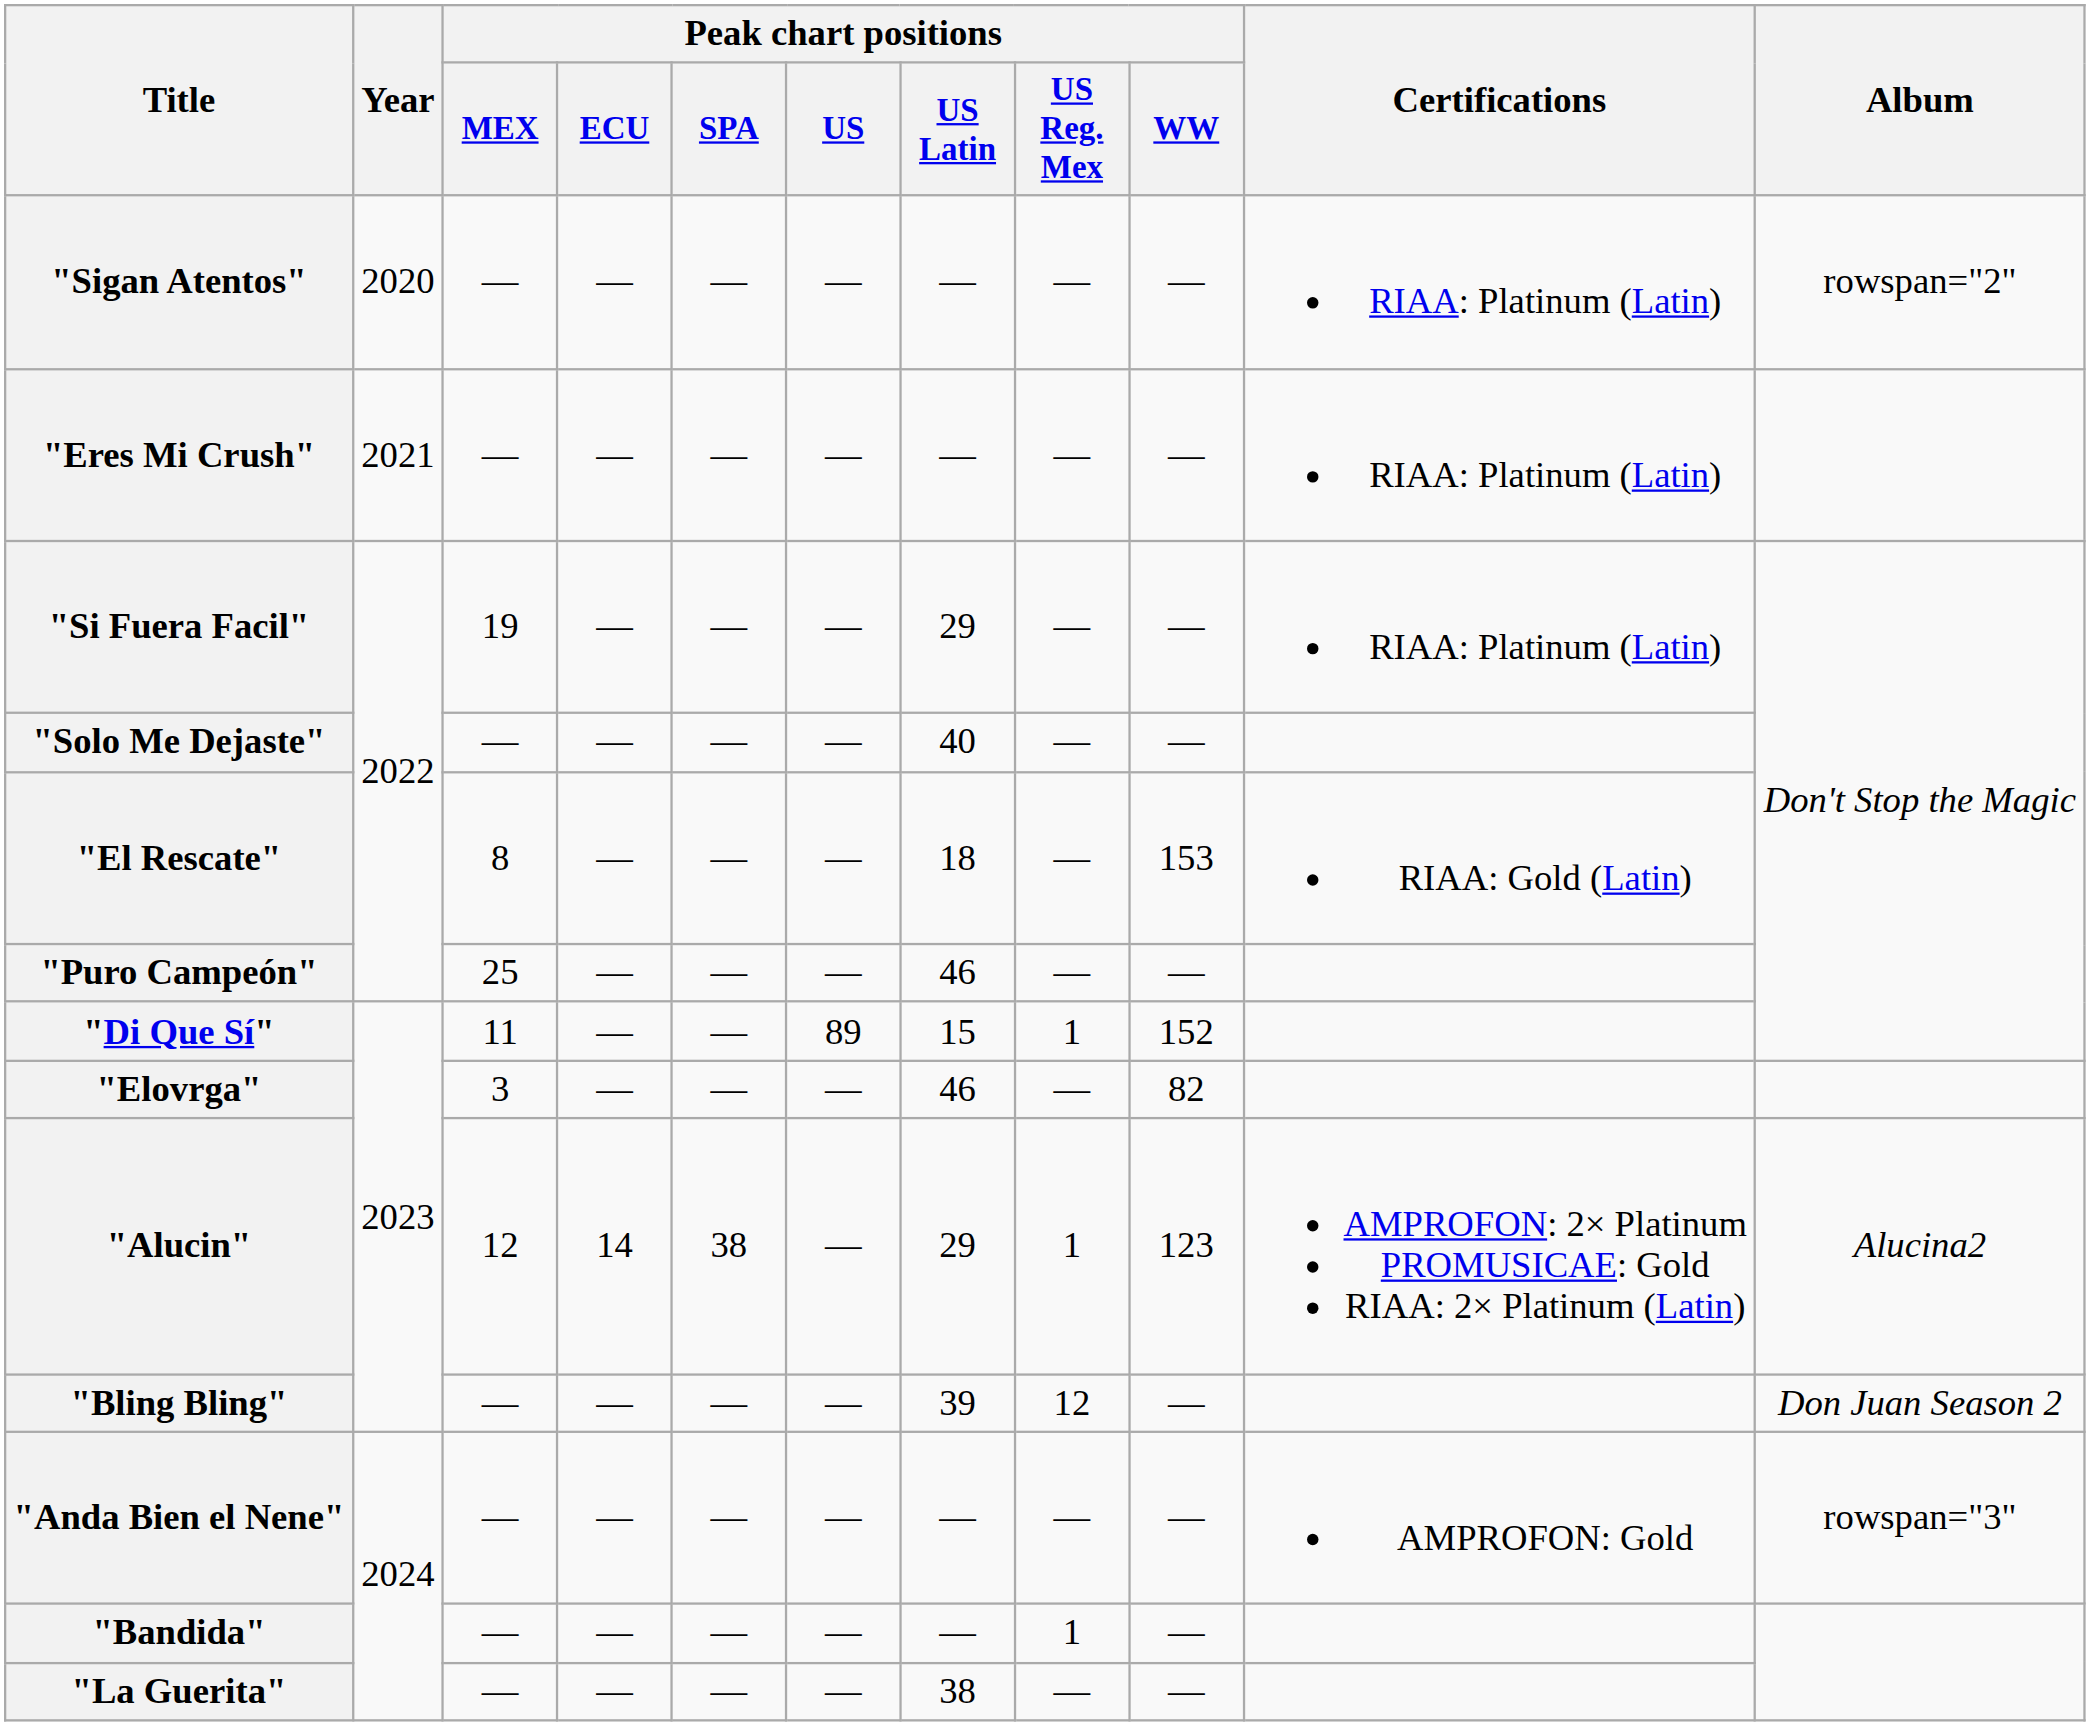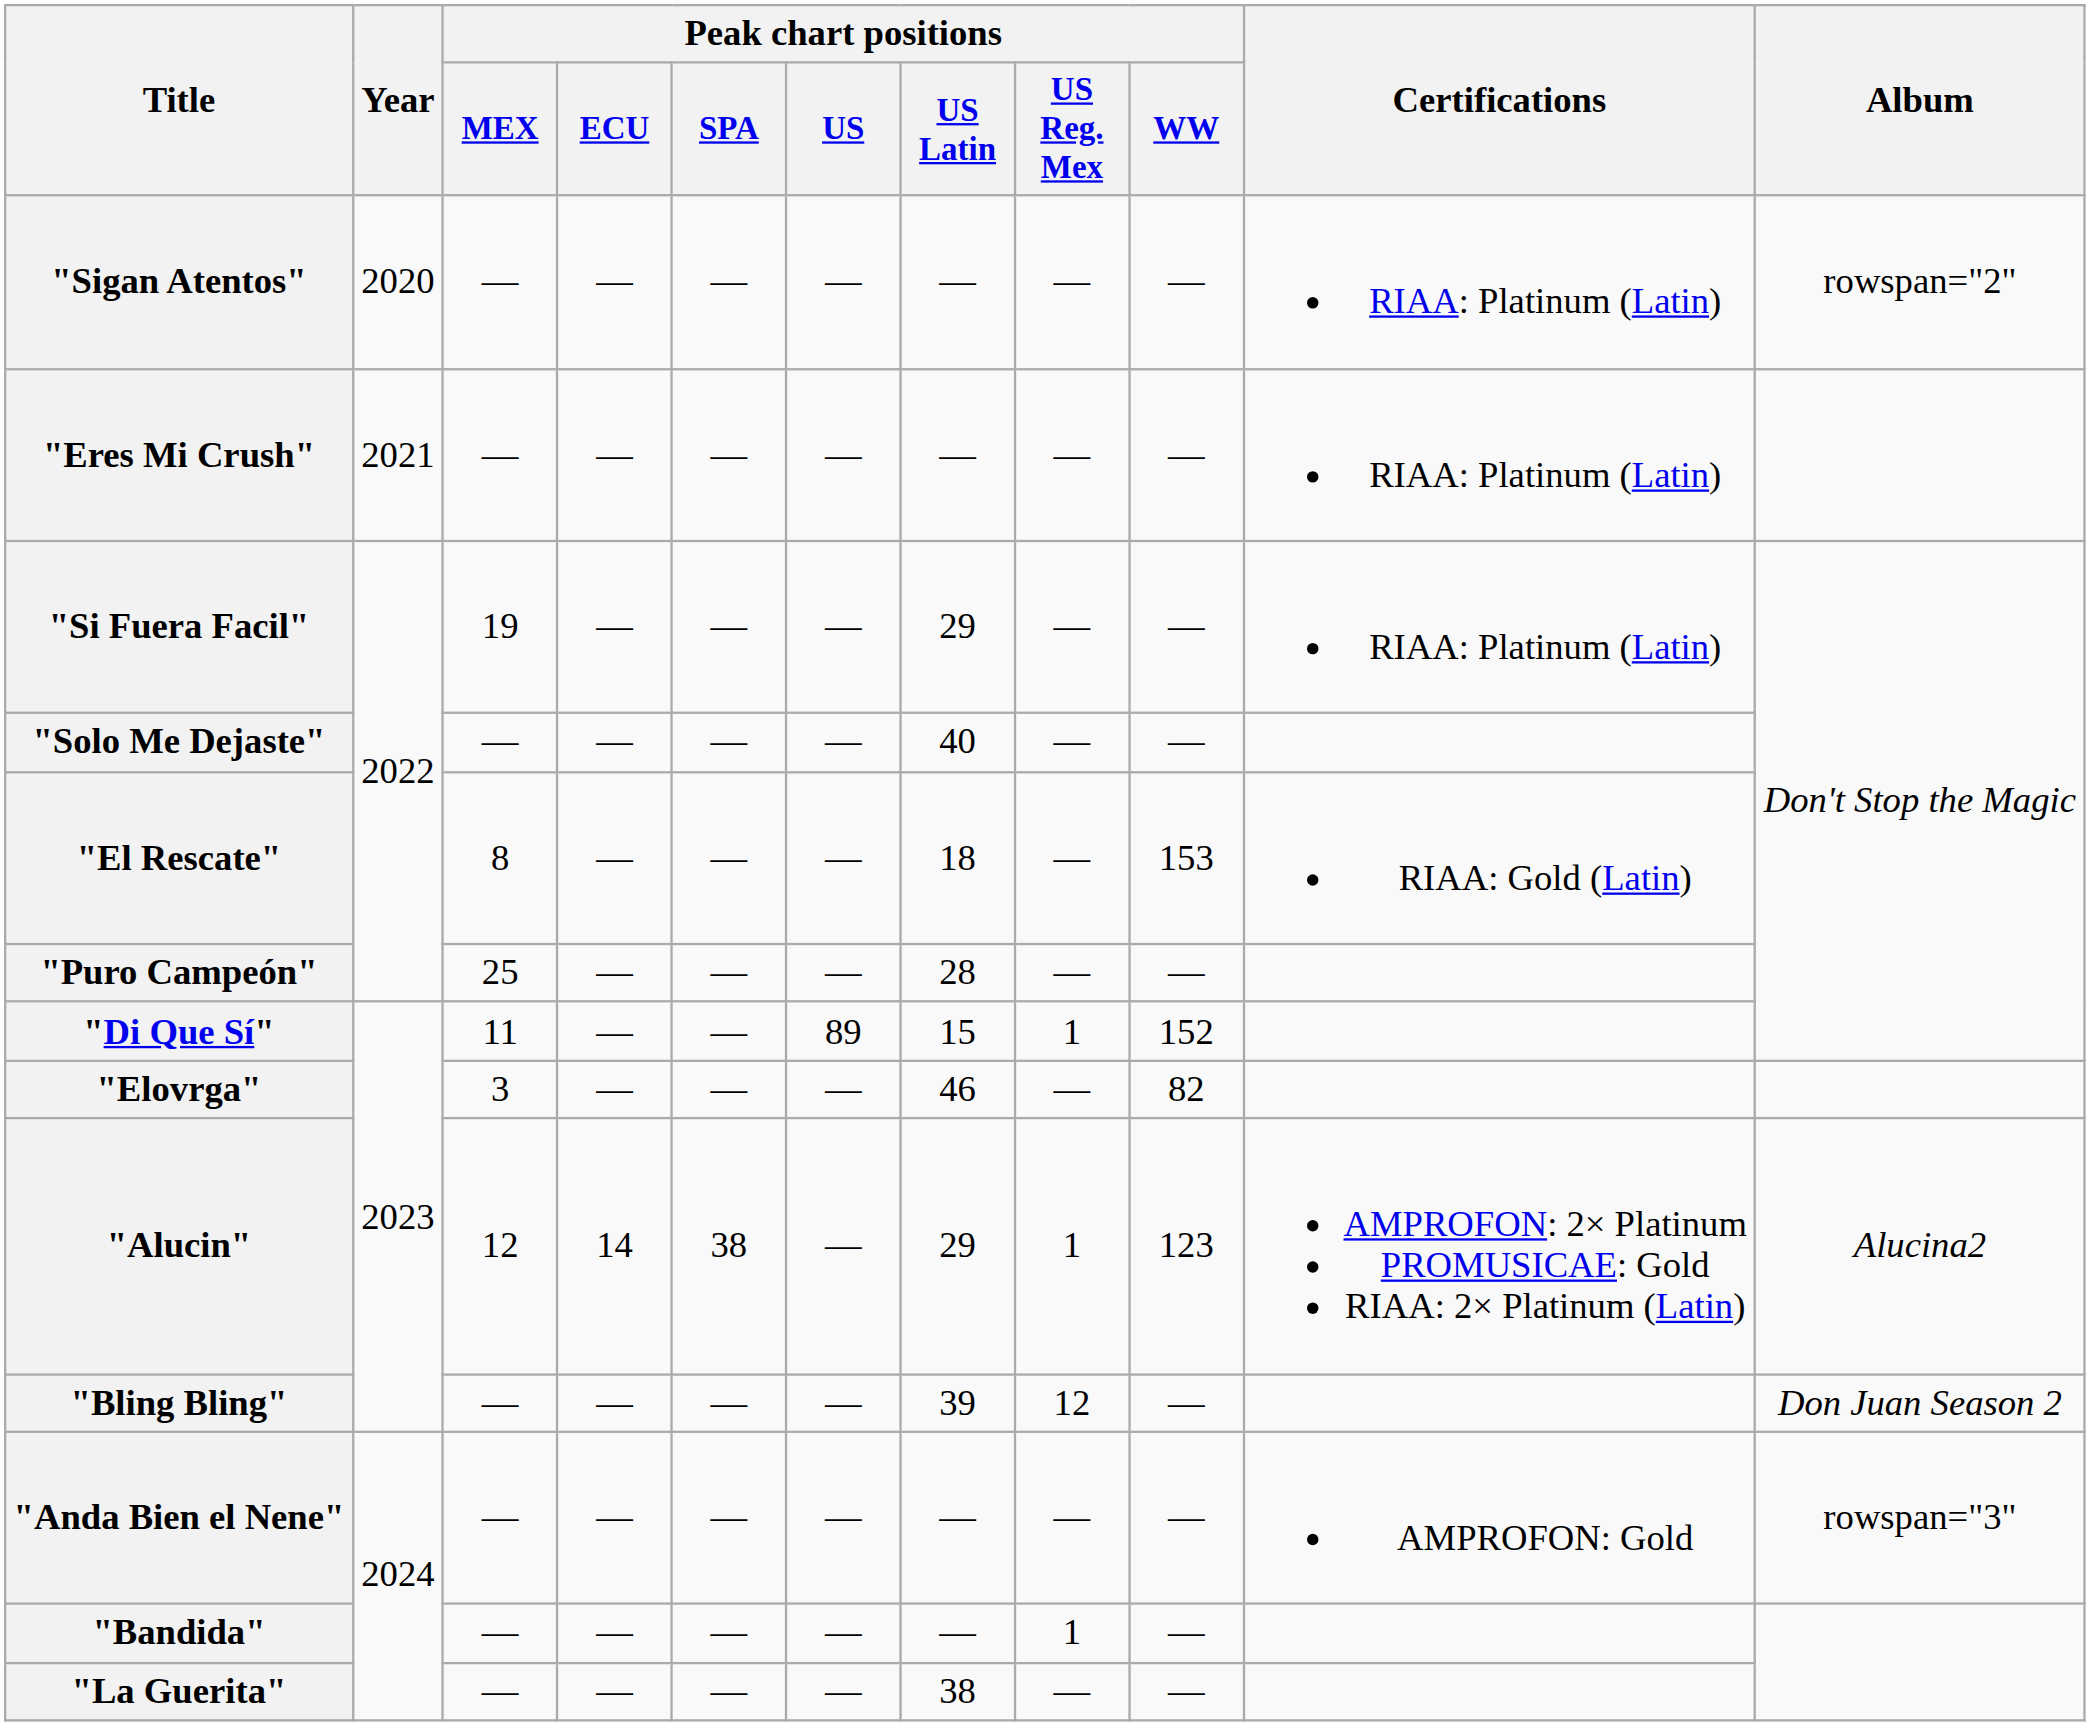 <table class="wikitable plainrowheaders" style="text-align: center">
 <tr>
 <th scope="col" rowspan="2">Title</th>
 <th scope="col" rowspan="2">Year</th>
 <th scope="col" colspan="7">Peak chart positions</th>
 <th scope="col" rowspan="2">Certifications</th>
 <th scope="col" rowspan="2">Album</th>
 </tr>
 <tr>
 <th scope="col" style="width:3em; font-size:90%"><a href='#'>MEX</a><br></th>
 <th scope="col" style="width:3em; font-size:90%"><a href='#'>ECU</a><br></th>
 <th scope="col" style="width:3em; font-size:90%"><a href='#'>SPA</a><br></th>
 <th scope="col" style="width:3em; font-size:90%"><a href='#'>US</a><br></th>
 <th scope="col" style="width:3em; font-size:90%"><a href='#'>US<br>Latin</a><br></th>
 <th scope="col" style="width:3em; font-size:90%"><a href='#'>US<br>Reg.<br>Mex</a><br></th>
 <th scope="col" style="width:3em; font-size:90%"><a href='#'>WW</a><br></th>
 </tr>
 <tr>
 <th scope="row">"Sigan Atentos"</th>
 <td>2020</td>
 <td>—</td>
 <td>—</td>
 <td>—</td>
 <td>—</td>
 <td>—</td>
 <td>—</td>
 <td>—</td>
 <td><br><ul><li><a href='#'>RIAA</a>: Platinum (<a href='#'>Latin</a>)</li></ul></td>
 <td>rowspan="2" </td>
 </tr>
 <tr>
 <th scope="row">"Eres Mi Crush"</th>
 <td>2021</td>
 <td>—</td>
 <td>—</td>
 <td>—</td>
 <td>—</td>
 <td>—</td>
 <td>—</td>
 <td>—</td>
 <td><br><ul><li>RIAA: Platinum (<a href='#'>Latin</a>)</li></ul></td>
 </tr>
 <tr>
 <th scope="row">"Si Fuera Facil"</th>
 <td rowspan="4">2022</td>
 <td>19</td>
 <td>—</td>
 <td>—</td>
 <td>—</td>
 <td>29</td>
 <td>—</td>
 <td>—</td>
 <td><br><ul><li>RIAA: Platinum (<a href='#'>Latin</a>)</li></ul></td>
 <td rowspan="5"><em>Don't Stop the Magic</em></td>
 </tr>
 <tr>
 <th scope="row">"Solo Me Dejaste"</th>
 <td>—</td>
 <td>—</td>
 <td>—</td>
 <td>—</td>
 <td>40</td>
 <td>—</td>
 <td>—</td>
 <td></td>
 </tr>
 <tr>
 <th scope="row">"El Rescate"<br></th>
 <td>8</td>
 <td>—</td>
 <td>—</td>
 <td>—</td>
 <td>18</td>
 <td>—</td>
 <td>153</td>
 <td><br><ul><li>RIAA: Gold (<a href='#'>Latin</a>)</li></ul></td>
 </tr>
 <tr>
 <th scope="row">"Puro Campeón"<br></th>
 <td>25</td>
 <td>—</td>
 <td>—</td>
 <td>—</td>
-<td>46</td>
+<td>28</td>
 <td>—</td>
 <td>—</td>
 <td></td>
 </tr>
 <tr>
 <th scope="row">"<a href='#'>Di Que Sí</a>"<br></th>
 <td rowspan="4">2023</td>
 <td>11</td>
 <td>—</td>
 <td>—</td>
 <td>89</td>
 <td>15</td>
 <td>1</td>
 <td>152</td>
 <td></td>
 </tr>
 <tr>
 <th scope="row">"Elovrga"<br></th>
 <td>3</td>
 <td>—</td>
 <td>—</td>
 <td>—</td>
 <td>46</td>
 <td>—</td>
 <td>82</td>
 <td></td>
 <td></td>
 </tr>
 <tr>
 <th scope="row">"Alucin"<br></th>
 <td>12</td>
 <td>14</td>
 <td>38</td>
 <td>—</td>
 <td>29</td>
 <td>1</td>
 <td>123</td>
 <td><br><ul><li><a href='#'>AMPROFON</a>: 2× Platinum</li><li><a href='#'>PROMUSICAE</a>: Gold</li><li>RIAA: 2× Platinum (<a href='#'>Latin</a>)</li></ul></td>
 <td><em>Alucina2</em></td>
 </tr>
 <tr>
 <th scope="row">"Bling Bling"<br></th>
 <td>—</td>
 <td>—</td>
 <td>—</td>
 <td>—</td>
 <td>39</td>
 <td>12</td>
 <td>—</td>
 <td></td>
 <td><em>Don Juan Season 2</em></td>
 </tr>
 <tr>
 <th scope="row">"Anda Bien el Nene"<br></th>
 <td rowspan="3">2024</td>
 <td>—</td>
 <td>—</td>
 <td>—</td>
 <td>—</td>
 <td>—</td>
 <td>—</td>
 <td>—</td>
 <td><br><ul><li>AMPROFON: Gold</li></ul></td>
 <td>rowspan="3" </td>
 </tr>
 <tr>
 <th scope="row">"Bandida"<br></th>
 <td>—</td>
 <td>—</td>
 <td>—</td>
 <td>—</td>
 <td>—</td>
 <td>1</td>
 <td>—</td>
 <td></td>
 </tr>
 <tr>
 <th scope="row">"La Guerita"</th>
 <td>—</td>
 <td>—</td>
 <td>—</td>
 <td>—</td>
 <td>38</td>
 <td>—</td>
 <td>—</td>
 <td></td>
 </tr>
 </table>
